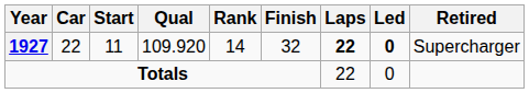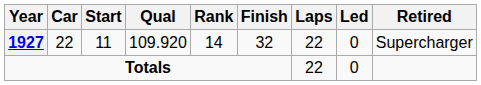 <table class="wikitable" style="text-align:center">
 <tr>
 <th>Year</th>
 <th>Car</th>
 <th>Start</th>
 <th>Qual</th>
 <th>Rank</th>
 <th>Finish</th>
 <th>Laps</th>
 <th>Led</th>
 <th>Retired</th>
 </tr>
 <tr>
 <th><a href='#'>1927</a></th>
 <td>22</td>
 <td>11</td>
 <td>109.920</td>
 <td>14</td>
 <td>32</td>
-<td><strong>22</strong></td>
-<td><strong>0</strong></td>
+<td>22</td>
+<td>0</td>
 <td>Supercharger</td>
 </tr>
 <tr>
 <td colspan=6><strong>Totals</strong></td>
 <td>22</td>
 <td>0</td>
 <td></td>
 </tr>
 </table>
